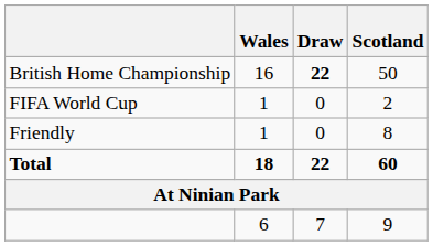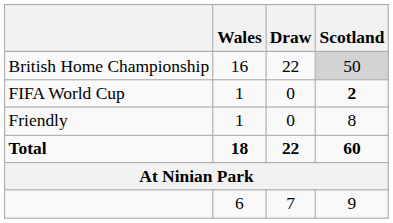 <table class="wikitable">
 <tr>
 <th></th>
 <th><br>Wales</th>
 <th><br>Draw</th>
 <th><br>Scotland</th>
 </tr>
 <tr>
 <td>British Home Championship</td>
 <td align=center>16</td>
-<td align=center><strong>22</strong></td>
-<td align=center>50</td>
+<td align=center>22</td>
+<td align=center style="background: lightgrey;">50</td>
 </tr>
 <tr>
 <td>FIFA World Cup</td>
 <td align=center>1</td>
 <td align=center>0</td>
-<td align=center>2</td>
+<td align=center><strong>2</strong></td>
 </tr>
 <tr>
 <td>Friendly</td>
 <td align=center>1</td>
 <td align=center>0</td>
 <td align=center>8</td>
 </tr>
 <tr>
 <td><strong>Total</strong></td>
 <td align=center><strong>18</strong></td>
 <td align=center><strong>22</strong></td>
 <td align=center><strong>60</strong></td>
 </tr>
 <tr>
 <th colspan=4>At Ninian Park</th>
 </tr>
 <tr>
 <td></td>
 <td align=center>6</td>
 <td align=center>7</td>
 <td align=center>9</td>
 </tr>
 </table>
